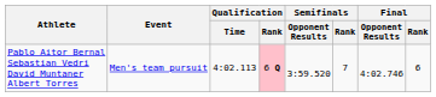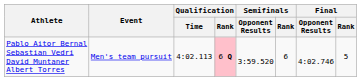 <table class="wikitable" style="font-size:90%">
 <tr>
 <th rowspan=2>Athlete</th>
 <th rowspan=2>Event</th>
 <th colspan=2>Qualification</th>
 <th colspan=2>Semifinals</th>
 <th colspan=2>Final</th>
 </tr>
 <tr style="font-size:95%">
 <th>Time</th>
 <th>Rank</th>
 <th>Opponent<br>Results</th>
 <th>Rank</th>
 <th>Opponent<br>Results</th>
 <th>Rank</th>
 </tr>
 <tr align=center>
 <td align=left><a href='#'>Pablo Aitor Bernal</a><br><a href='#'>Sebastian Vedri</a><br><a href='#'>David Muntaner</a><br><a href='#'>Albert Torres</a></td>
 <td align=left><a href='#'>Men's team pursuit</a></td>
 <td>4:02.113</td>
 <td style="background: pink;">6 <strong>Q</strong></td>
 <td><br>3:59.520</td>
-<td>7</td>
+<td>6</td>
 <td><br>4:02.746</td>
-<td>6</td>
+<td>5</td>
 </tr>
 </table>
